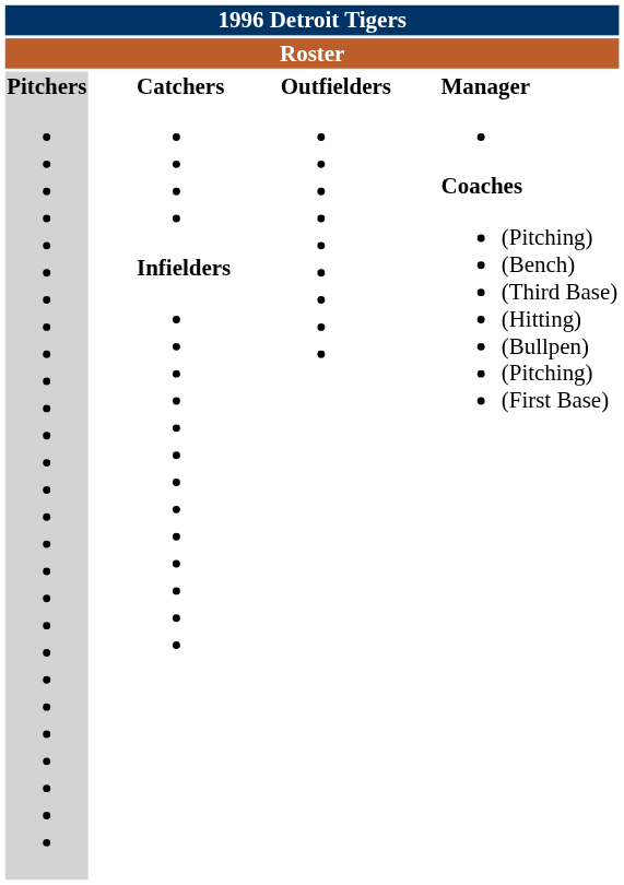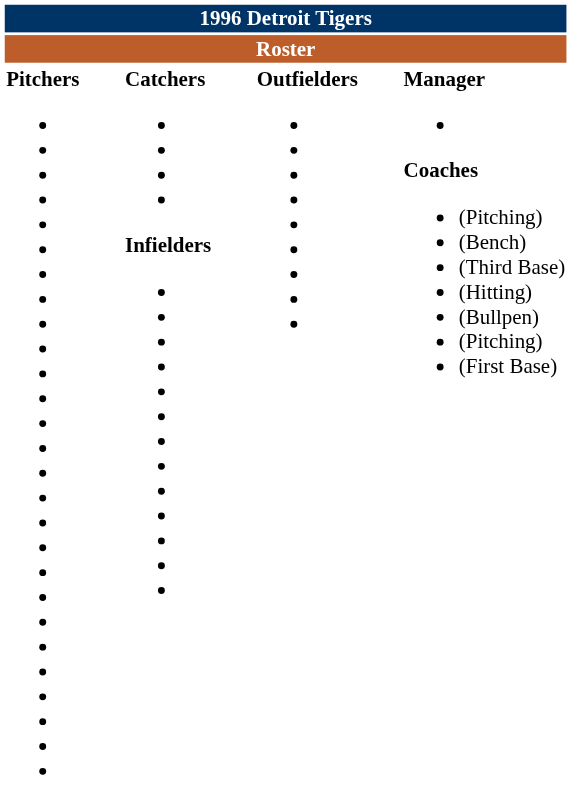 <table class="toccolours" style="font-size: 95%;">
 <tr>
 <th colspan="10" style="background-color: #003366; color: white; text-align: center;">1996 Detroit Tigers</th>
 </tr>
 <tr>
 <td colspan="10" style="background-color: #bd5d29; color: white; text-align: center;"><strong>Roster</strong></td>
 </tr>
 <tr>
-<td valign="top" style="background: lightgrey;"><strong>Pitchers</strong><br><ul><li></li><li></li><li></li><li></li><li></li><li></li><li></li><li></li><li></li><li></li><li></li><li></li><li></li><li></li><li></li><li></li><li></li><li></li><li></li><li></li><li></li><li></li><li></li><li></li><li></li><li></li><li></li></ul></td>
+<td valign="top"><strong>Pitchers</strong><br><ul><li></li><li></li><li></li><li></li><li></li><li></li><li></li><li></li><li></li><li></li><li></li><li></li><li></li><li></li><li></li><li></li><li></li><li></li><li></li><li></li><li></li><li></li><li></li><li></li><li></li><li></li><li></li></ul></td>
 <td width="25px"></td>
 <td valign="top"><strong>Catchers</strong><br><ul><li></li><li></li><li></li><li></li></ul><strong>Infielders</strong><ul><li></li><li></li><li></li><li></li><li></li><li></li><li></li><li></li><li></li><li></li><li></li><li></li><li></li></ul></td>
 <td width="25px"></td>
 <td valign="top"><strong>Outfielders</strong><br><ul><li></li><li></li><li></li><li></li><li></li><li></li><li></li><li></li><li></li></ul></td>
 <td width="25px"></td>
 <td valign="top"><strong>Manager</strong><br><ul><li></li></ul><strong>Coaches</strong><ul><li> (Pitching)</li><li> (Bench)</li><li> (Third Base)</li><li> (Hitting)</li><li> (Bullpen)</li><li> (Pitching)</li><li> (First Base)</li></ul></td>
 </tr>
 <tr>
 </tr>
 </table>
